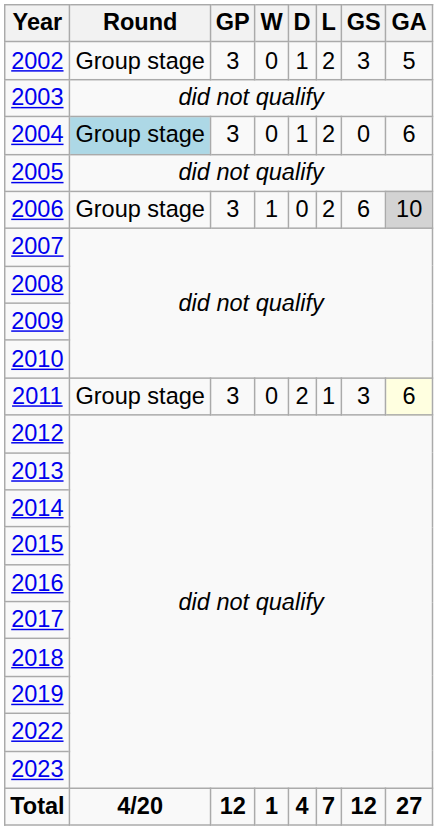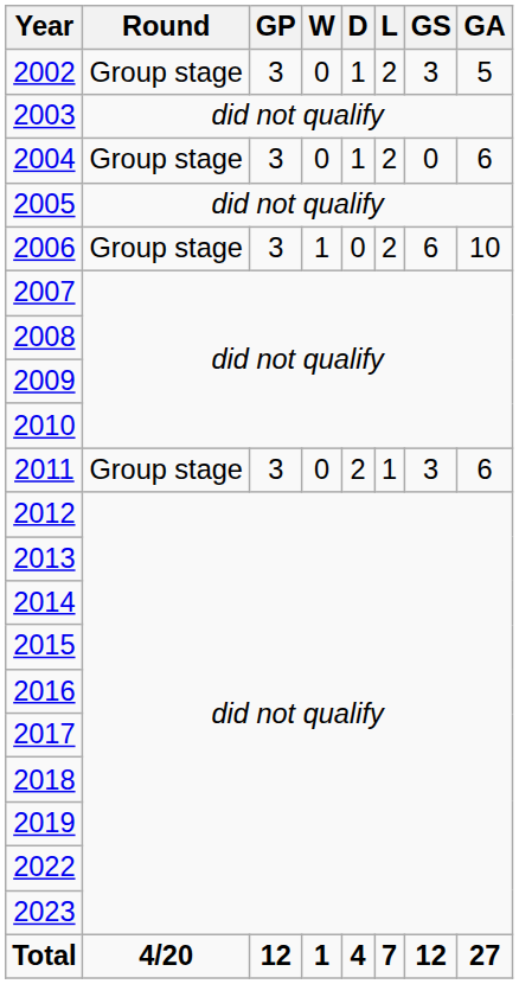 <table class="wikitable" style="text-align: center;">
 <tr>
 <th>Year</th>
 <th>Round</th>
 <th>GP</th>
 <th>W</th>
 <th>D</th>
 <th>L</th>
 <th>GS</th>
 <th>GA</th>
 </tr>
 <tr>
 <td> <a href='#'>2002</a></td>
 <td>Group stage</td>
 <td>3</td>
 <td>0</td>
 <td>1</td>
 <td>2</td>
 <td>3</td>
 <td>5</td>
 </tr>
 <tr>
 <td> <a href='#'>2003</a></td>
 <td colspan=7><em>did not qualify</em></td>
 </tr>
 <tr>
 <td> <a href='#'>2004</a></td>
-<td style="background: lightblue;">Group stage</td>
+<td>Group stage</td>
 <td>3</td>
 <td>0</td>
 <td>1</td>
 <td>2</td>
 <td>0</td>
 <td>6</td>
 </tr>
 <tr>
 <td> <a href='#'>2005</a></td>
 <td colspan=7><em>did not qualify</em></td>
 </tr>
 <tr>
 <td> <a href='#'>2006</a></td>
 <td>Group stage</td>
 <td>3</td>
 <td>1</td>
 <td>0</td>
 <td>2</td>
 <td>6</td>
-<td style="background: lightgrey;">10</td>
+<td>10</td>
 </tr>
 <tr>
 <td> <a href='#'>2007</a></td>
 <td rowspan=4 colspan=7><em>did not qualify</em></td>
 </tr>
 <tr>
 <td> <a href='#'>2008</a></td>
 </tr>
 <tr>
 <td> <a href='#'>2009</a></td>
 </tr>
 <tr>
 <td> <a href='#'>2010</a></td>
 </tr>
 <tr>
 <td> <a href='#'>2011</a></td>
 <td>Group stage</td>
 <td>3</td>
 <td>0</td>
 <td>2</td>
 <td>1</td>
 <td>3</td>
-<td style="background: lightyellow;">6</td>
+<td>6</td>
 </tr>
 <tr>
 <td> <a href='#'>2012</a></td>
 <td rowspan=10 colspan=7><em>did not qualify</em></td>
 </tr>
 <tr>
 <td> <a href='#'>2013</a></td>
 </tr>
 <tr>
 <td> <a href='#'>2014</a></td>
 </tr>
 <tr>
 <td> <a href='#'>2015</a></td>
 </tr>
 <tr>
 <td> <a href='#'>2016</a></td>
 </tr>
 <tr>
 <td> <a href='#'>2017</a></td>
 </tr>
 <tr>
 <td> <a href='#'>2018</a></td>
 </tr>
 <tr>
 <td> <a href='#'>2019</a></td>
 </tr>
 <tr>
 <td> <a href='#'>2022</a></td>
 </tr>
 <tr>
 <td> <a href='#'>2023</a></td>
 </tr>
 <tr>
 <td><strong>Total</strong></td>
 <td><strong>4/20</strong></td>
 <td><strong>12</strong></td>
 <td><strong>1</strong></td>
 <td><strong>4</strong></td>
 <td><strong>7</strong></td>
 <td><strong>12</strong></td>
 <td><strong>27</strong></td>
 </tr>
 </table>
